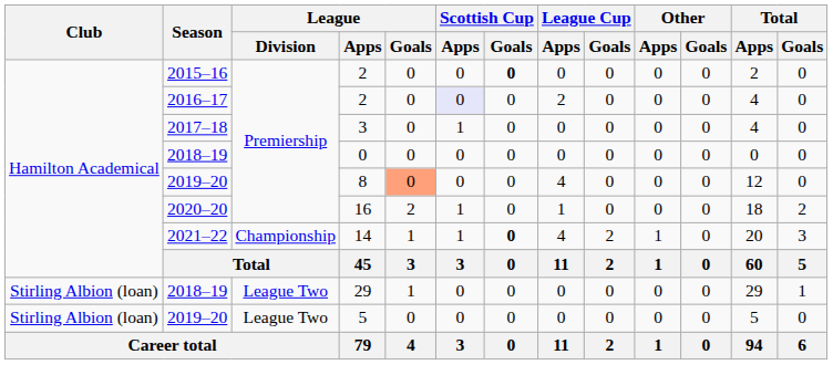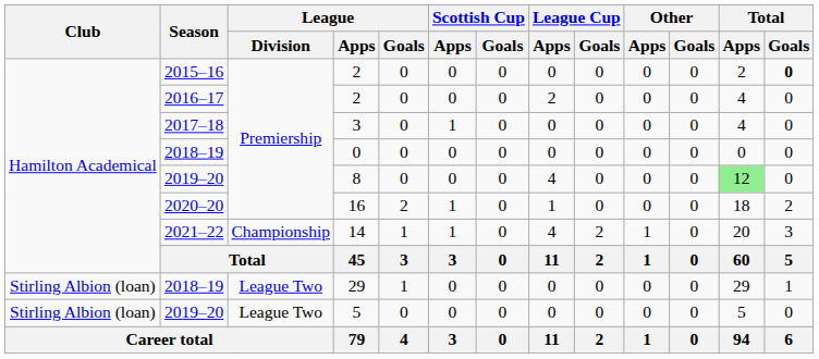 <table class="wikitable" style="text-align: center">
 <tr>
 <th rowspan="2">Club</th>
 <th rowspan="2">Season</th>
 <th colspan="3">League</th>
 <th colspan="2"><a href='#'>Scottish Cup</a></th>
 <th colspan="2"><a href='#'>League Cup</a></th>
 <th colspan="2">Other</th>
 <th colspan="2">Total</th>
 </tr>
 <tr>
 <th>Division</th>
 <th>Apps</th>
 <th>Goals</th>
 <th>Apps</th>
 <th>Goals</th>
 <th>Apps</th>
 <th>Goals</th>
 <th>Apps</th>
 <th>Goals</th>
 <th>Apps</th>
 <th>Goals</th>
 </tr>
 <tr>
 <td rowspan="8"><a href='#'>Hamilton Academical</a></td>
 <td><a href='#'>2015–16</a></td>
 <td rowspan="6"><a href='#'>Premiership</a></td>
 <td>2</td>
 <td>0</td>
 <td>0</td>
-<td><strong>0</strong></td>
+<td>0</td>
 <td>0</td>
 <td>0</td>
 <td>0</td>
 <td>0</td>
 <td>2</td>
-<td>0</td>
+<td><strong>0</strong></td>
 </tr>
 <tr>
 <td><a href='#'>2016–17</a></td>
 <td>2</td>
 <td>0</td>
-<td style="background: lavender;">0</td>
+<td>0</td>
 <td>0</td>
 <td>2</td>
 <td>0</td>
 <td>0</td>
 <td>0</td>
 <td>4</td>
 <td>0</td>
 </tr>
 <tr>
 <td><a href='#'>2017–18</a></td>
 <td>3</td>
 <td>0</td>
 <td>1</td>
 <td>0</td>
 <td>0</td>
 <td>0</td>
 <td>0</td>
 <td>0</td>
 <td>4</td>
 <td>0</td>
 </tr>
 <tr>
 <td><a href='#'>2018–19</a></td>
 <td>0</td>
 <td>0</td>
 <td>0</td>
 <td>0</td>
 <td>0</td>
 <td>0</td>
 <td>0</td>
 <td>0</td>
 <td>0</td>
 <td>0</td>
 </tr>
 <tr>
 <td><a href='#'>2019–20</a></td>
 <td>8</td>
-<td style="background: lightsalmon;">0</td>
+<td>0</td>
 <td>0</td>
 <td>0</td>
 <td>4</td>
 <td>0</td>
 <td>0</td>
 <td>0</td>
-<td>12</td>
+<td style="background: lightgreen;">12</td>
 <td>0</td>
 </tr>
 <tr>
 <td><a href='#'>2020–20</a></td>
 <td>16</td>
 <td>2</td>
 <td>1</td>
 <td>0</td>
 <td>1</td>
 <td>0</td>
 <td>0</td>
 <td>0</td>
 <td>18</td>
 <td>2</td>
 </tr>
 <tr>
 <td><a href='#'>2021–22</a></td>
 <td><a href='#'>Championship</a></td>
 <td>14</td>
 <td>1</td>
 <td>1</td>
-<td><strong>0</strong></td>
+<td>0</td>
 <td>4</td>
 <td>2</td>
 <td>1</td>
 <td>0</td>
 <td>20</td>
 <td>3</td>
 </tr>
 <tr>
 <th colspan="2">Total</th>
 <th>45</th>
 <th>3</th>
 <th>3</th>
 <th>0</th>
 <th>11</th>
 <th>2</th>
 <th>1</th>
 <th>0</th>
 <th>60</th>
 <th>5</th>
 </tr>
 <tr>
 <td><a href='#'>Stirling Albion</a> (loan)</td>
 <td><a href='#'>2018–19</a></td>
 <td><a href='#'>League Two</a></td>
 <td>29</td>
 <td>1</td>
 <td>0</td>
 <td>0</td>
 <td>0</td>
 <td>0</td>
 <td>0</td>
 <td>0</td>
 <td>29</td>
 <td>1</td>
 </tr>
 <tr>
 <td><a href='#'>Stirling Albion</a> (loan)</td>
 <td><a href='#'>2019–20</a></td>
 <td>League Two</td>
 <td>5</td>
 <td>0</td>
 <td>0</td>
 <td>0</td>
 <td>0</td>
 <td>0</td>
 <td>0</td>
 <td>0</td>
 <td>5</td>
 <td>0</td>
 </tr>
 <tr>
 <th colspan="3">Career total</th>
 <th>79</th>
 <th>4</th>
 <th>3</th>
 <th>0</th>
 <th>11</th>
 <th>2</th>
 <th>1</th>
 <th>0</th>
 <th>94</th>
 <th>6</th>
 </tr>
 </table>
